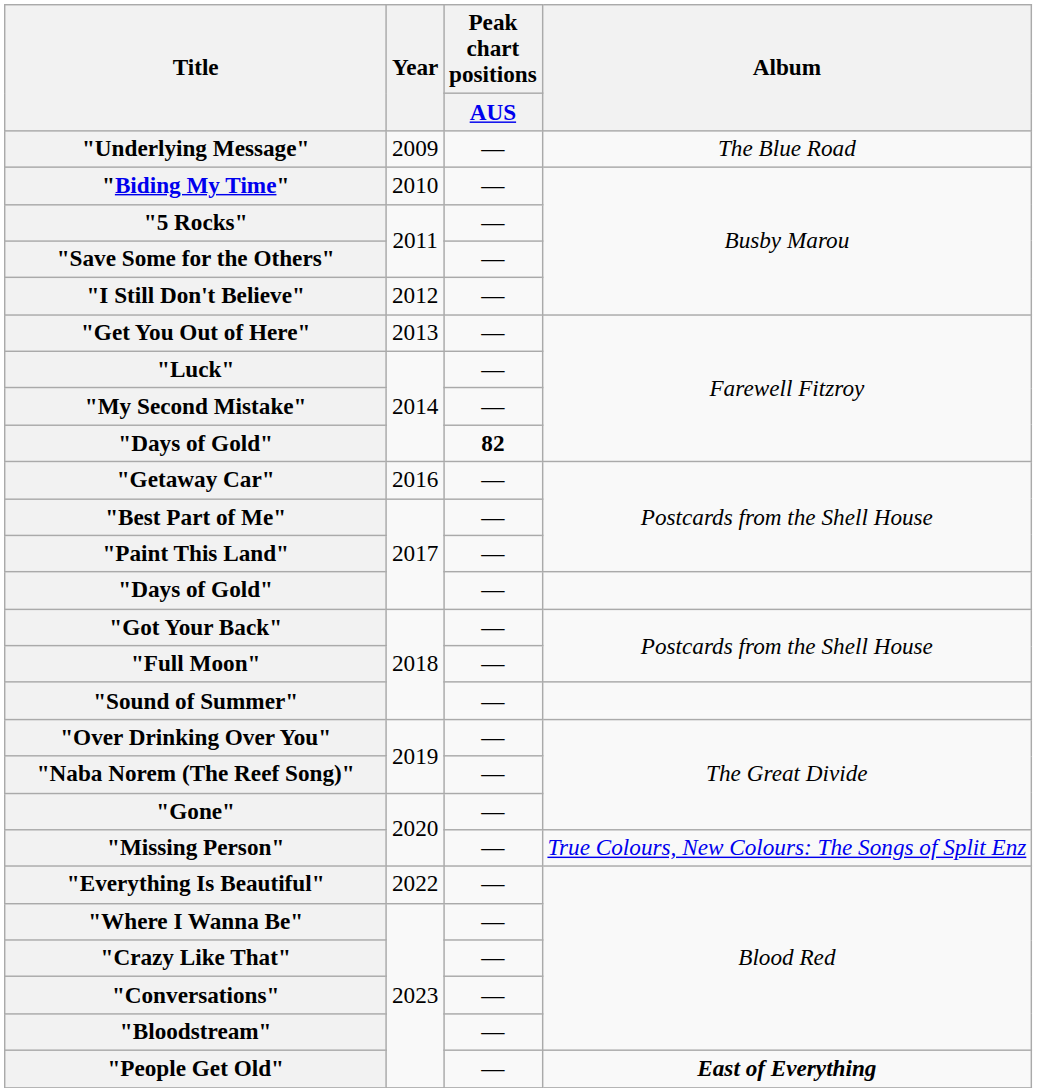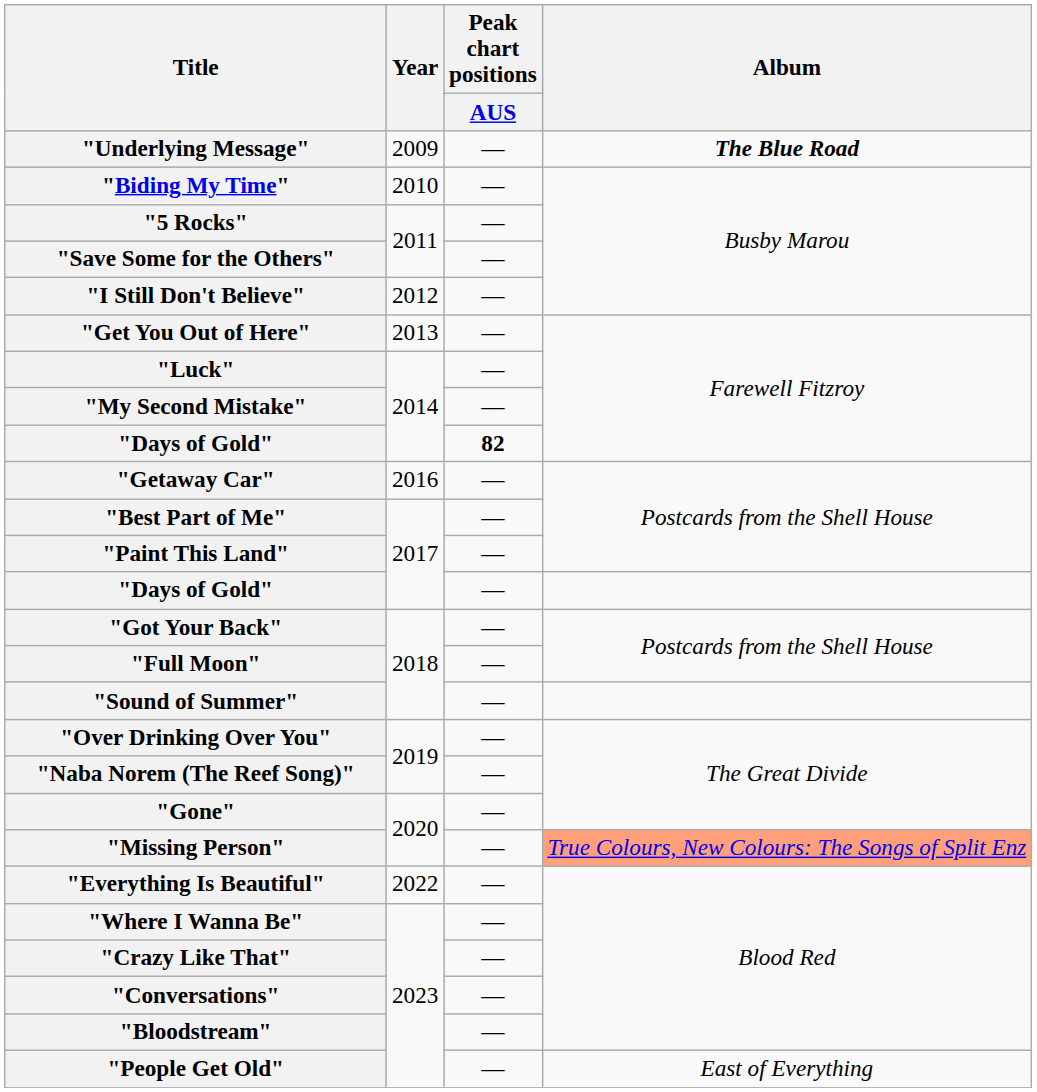 <table class="wikitable plainrowheaders" style="text-align:center;" border="1">
 <tr>
 <th scope="col" rowspan="2" style="width:16em;">Title</th>
 <th scope="col" rowspan="2">Year</th>
 <th scope="col" colspan="1">Peak chart positions</th>
 <th scope="col" rowspan="2">Album</th>
 </tr>
 <tr>
 <th width="30"><a href='#'>AUS</a></th>
 </tr>
 <tr>
 <th scope="row">"Underlying Message"</th>
 <td>2009</td>
 <td>—</td>
-<td><em>The Blue Road</em></td>
+<td><strong><em>The Blue Road</em></strong></td>
 </tr>
 <tr>
 <th scope="row">"<a href='#'>Biding My Time</a>"</th>
 <td>2010</td>
 <td>—</td>
 <td rowspan="4"><em>Busby Marou</em></td>
 </tr>
 <tr>
 <th scope="row">"5 Rocks"</th>
 <td rowspan="2">2011</td>
 <td>—</td>
 </tr>
 <tr>
 <th scope="row">"Save Some for the Others"</th>
 <td>—</td>
 </tr>
 <tr>
 <th scope="row">"I Still Don't Believe"</th>
 <td>2012</td>
 <td>—</td>
 </tr>
 <tr>
 <th scope="row">"Get You Out of Here"</th>
 <td>2013</td>
 <td>—</td>
 <td rowspan="4"><em>Farewell Fitzroy</em></td>
 </tr>
 <tr>
 <th scope="row">"Luck"</th>
 <td rowspan="3">2014</td>
 <td>—</td>
 </tr>
 <tr>
 <th scope="row">"My Second Mistake"</th>
 <td>—</td>
 </tr>
 <tr>
 <th scope="row">"Days of Gold"</th>
 <td><strong>82</strong></td>
 </tr>
 <tr>
 <th scope="row">"Getaway Car"</th>
 <td>2016</td>
 <td>—</td>
 <td rowspan="3"><em>Postcards from the Shell House</em></td>
 </tr>
 <tr>
 <th scope="row">"Best Part of Me"</th>
 <td rowspan="3">2017</td>
 <td>—</td>
 </tr>
 <tr>
 <th scope="row">"Paint This Land"</th>
 <td>—</td>
 </tr>
 <tr>
 <th scope="row">"Days of Gold"<br></th>
 <td>—</td>
 <td></td>
 </tr>
 <tr>
 <th scope="row">"Got Your Back"</th>
 <td rowspan="3">2018</td>
 <td>—</td>
 <td rowspan="2"><em>Postcards from the Shell House</em></td>
 </tr>
 <tr>
 <th scope="row">"Full Moon"</th>
 <td>—</td>
 </tr>
 <tr>
 <th scope="row">"Sound of Summer"</th>
 <td>—</td>
 <td></td>
 </tr>
 <tr>
 <th scope="row">"Over Drinking Over You"</th>
 <td rowspan="2">2019</td>
 <td>—</td>
 <td rowspan="3"><em>The Great Divide</em></td>
 </tr>
 <tr>
 <th scope="row">"Naba Norem (The Reef Song)"</th>
 <td>—</td>
 </tr>
 <tr>
 <th scope="row">"Gone"</th>
 <td rowspan="2">2020</td>
 <td>—</td>
 </tr>
 <tr>
 <th scope="row">"Missing Person"</th>
 <td>—</td>
-<td><em><a href='#'>True Colours, New Colours: The Songs of Split Enz</a></em></td>
+<td style="background: lightsalmon;"><em><a href='#'>True Colours, New Colours: The Songs of Split Enz</a></em></td>
 </tr>
 <tr>
 <th scope="row">"Everything Is Beautiful"</th>
 <td>2022</td>
 <td>—</td>
 <td rowspan="5"><em>Blood Red</em></td>
 </tr>
 <tr>
 <th scope="row">"Where I Wanna Be"</th>
 <td rowspan="5">2023</td>
 <td>—</td>
 </tr>
 <tr>
 <th scope="row">"Crazy Like That"</th>
 <td>—</td>
 </tr>
 <tr>
 <th scope="row">"Conversations"</th>
 <td>—</td>
 </tr>
 <tr>
 <th scope="row">"Bloodstream"</th>
 <td>—</td>
 </tr>
 <tr>
 <th scope="row">"People Get Old"<br></th>
 <td>—</td>
-<td><strong><em>East of Everything</em></strong></td>
+<td><em>East of Everything</em></td>
 </tr>
 </table>
